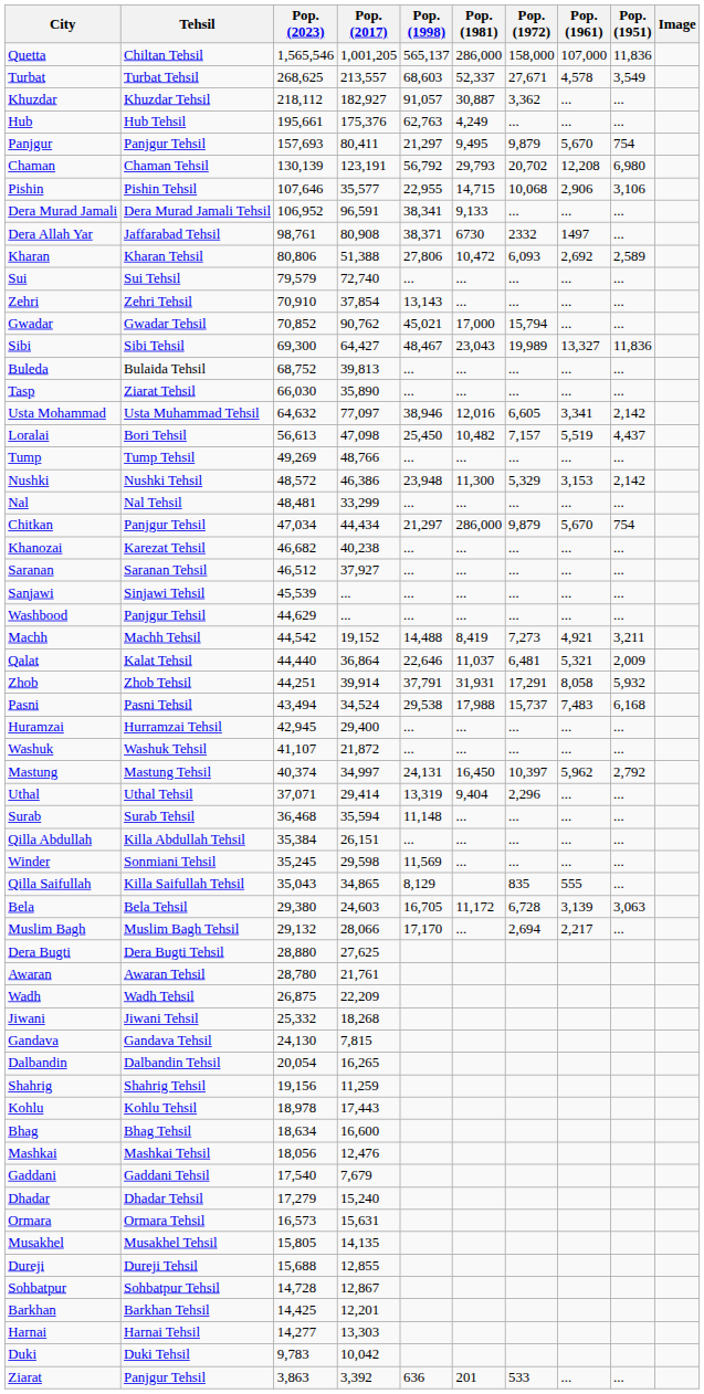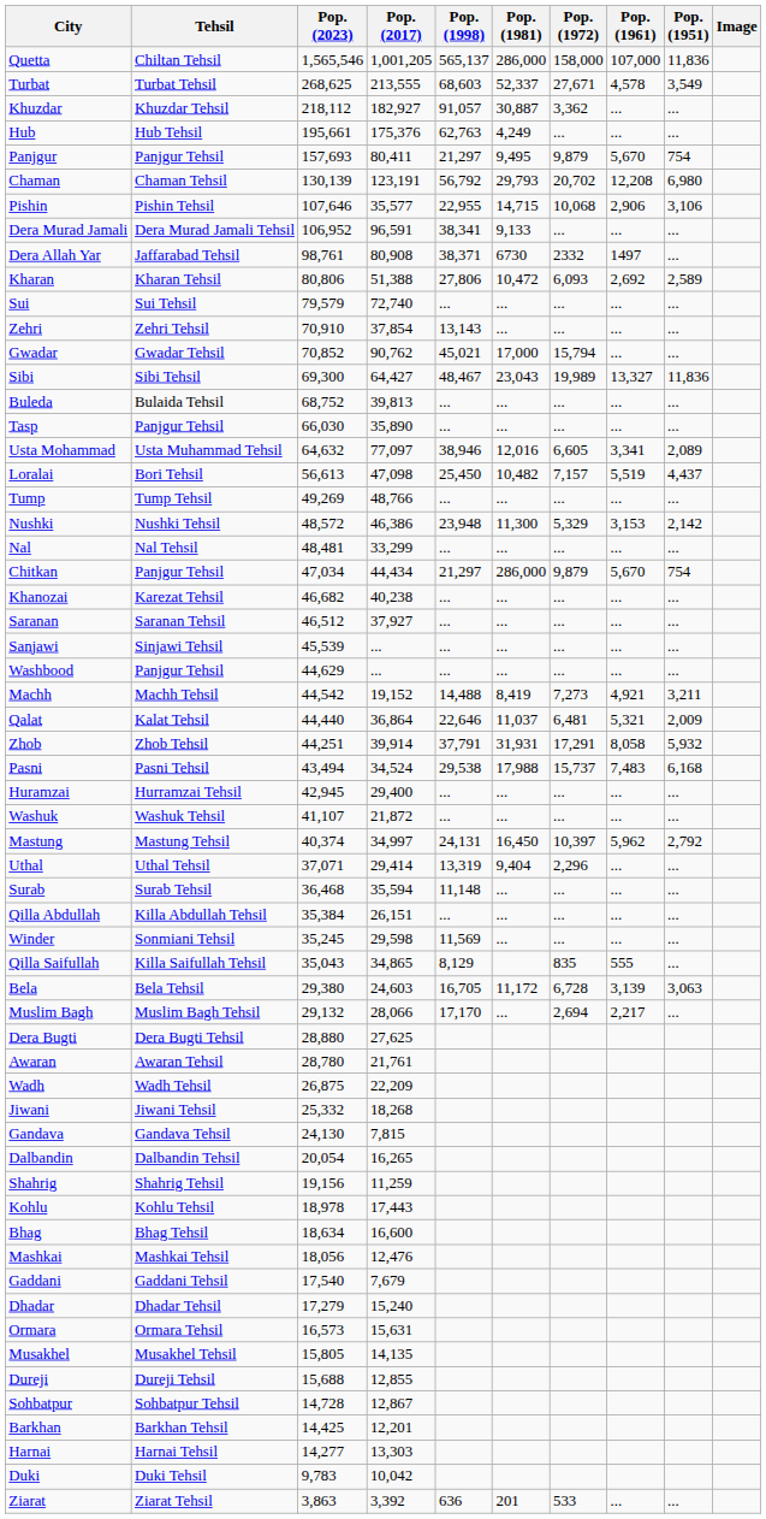 <table class="wikitable sortable col1left col2left static-row-numbers static-row-header-hash" 1em style="text-align: left">
 <tr>
 <th>City</th>
 <th>Tehsil</th>
 <th>Pop.<br><a href='#'>(2023)</a></th>
 <th>Pop.<br><a href='#'>(2017)</a> </th>
 <th>Pop.<br><a href='#'>(1998)</a></th>
 <th>Pop.<br>(1981)</th>
 <th>Pop.<br>(1972)</th>
 <th>Pop.<br>(1961)</th>
 <th>Pop.<br>(1951)</th>
 <th>Image</th>
 </tr>
 <tr>
 <td><a href='#'>Quetta</a></td>
 <td><a href='#'>Chiltan Tehsil</a></td>
 <td>1,565,546 </td>
 <td>1,001,205</td>
 <td>565,137</td>
 <td>286,000</td>
 <td>158,000</td>
 <td>107,000</td>
 <td>11,836</td>
 <td></td>
 </tr>
 <tr>
 <td><a href='#'>Turbat</a></td>
 <td><a href='#'>Turbat Tehsil</a></td>
 <td>268,625 </td>
-<td>213,557</td>
+<td>213,555</td>
 <td>68,603</td>
 <td>52,337</td>
 <td>27,671</td>
 <td>4,578</td>
 <td>3,549</td>
 <td></td>
 </tr>
 <tr>
 <td><a href='#'>Khuzdar</a></td>
 <td><a href='#'>Khuzdar Tehsil</a></td>
 <td>218,112 </td>
 <td>182,927</td>
 <td>91,057</td>
 <td>30,887</td>
 <td>3,362</td>
 <td>...</td>
 <td>...</td>
 <td></td>
 </tr>
 <tr>
 <td><a href='#'>Hub</a></td>
 <td><a href='#'>Hub Tehsil</a></td>
 <td>195,661 </td>
 <td>175,376</td>
 <td>62,763</td>
 <td>4,249</td>
 <td>...</td>
 <td>...</td>
 <td>...</td>
 <td></td>
 </tr>
 <tr>
 <td><a href='#'>Panjgur</a></td>
 <td><a href='#'>Panjgur Tehsil</a></td>
 <td>157,693 </td>
 <td>80,411</td>
 <td>21,297</td>
 <td>9,495</td>
 <td>9,879</td>
 <td>5,670</td>
 <td>754</td>
 <td></td>
 </tr>
 <tr>
 <td><a href='#'>Chaman</a></td>
 <td><a href='#'>Chaman Tehsil</a></td>
 <td>130,139 </td>
 <td>123,191</td>
 <td>56,792</td>
 <td>29,793</td>
 <td>20,702</td>
 <td>12,208</td>
 <td>6,980</td>
 <td></td>
 </tr>
 <tr>
 <td><a href='#'>Pishin</a></td>
 <td><a href='#'>Pishin Tehsil</a></td>
 <td>107,646 </td>
 <td>35,577</td>
 <td>22,955</td>
 <td>14,715</td>
 <td>10,068</td>
 <td>2,906</td>
 <td>3,106</td>
 <td></td>
 </tr>
 <tr>
 <td><a href='#'>Dera Murad Jamali</a></td>
 <td><a href='#'>Dera Murad Jamali Tehsil</a></td>
 <td>106,952 </td>
 <td>96,591</td>
 <td>38,341</td>
 <td>9,133</td>
 <td>...</td>
 <td>...</td>
 <td>...</td>
 <td></td>
 </tr>
 <tr>
 <td><a href='#'>Dera Allah Yar</a></td>
 <td><a href='#'>Jaffarabad Tehsil</a></td>
 <td>98,761 </td>
 <td>80,908</td>
 <td>38,371</td>
 <td>6730</td>
 <td>2332</td>
 <td>1497</td>
 <td>...</td>
 <td></td>
 </tr>
 <tr>
 <td><a href='#'>Kharan</a></td>
 <td><a href='#'>Kharan Tehsil</a></td>
 <td>80,806 </td>
 <td>51,388</td>
 <td>27,806</td>
 <td>10,472</td>
 <td>6,093</td>
 <td>2,692</td>
 <td>2,589</td>
 <td></td>
 </tr>
 <tr>
 <td><a href='#'>Sui</a></td>
 <td><a href='#'>Sui Tehsil</a></td>
 <td>79,579 </td>
 <td>72,740</td>
 <td>...</td>
 <td>...</td>
 <td>...</td>
 <td>...</td>
 <td>...</td>
 <td></td>
 </tr>
 <tr>
 <td><a href='#'>Zehri</a></td>
 <td><a href='#'>Zehri Tehsil</a></td>
 <td>70,910 </td>
 <td>37,854</td>
 <td>13,143</td>
 <td>...</td>
 <td>...</td>
 <td>...</td>
 <td>...</td>
 <td></td>
 </tr>
 <tr>
 <td><a href='#'>Gwadar</a></td>
 <td><a href='#'>Gwadar Tehsil</a></td>
 <td>70,852 </td>
 <td>90,762</td>
 <td>45,021</td>
 <td>17,000</td>
 <td>15,794</td>
 <td>...</td>
 <td>...</td>
 <td></td>
 </tr>
 <tr>
 <td><a href='#'>Sibi</a></td>
 <td><a href='#'>Sibi Tehsil</a></td>
 <td>69,300 </td>
 <td>64,427</td>
 <td>48,467</td>
 <td>23,043</td>
 <td>19,989</td>
 <td>13,327</td>
 <td>11,836</td>
 <td></td>
 </tr>
 <tr>
 <td><a href='#'>Buleda</a></td>
 <td>Bulaida Tehsil</td>
 <td>68,752 </td>
 <td>39,813</td>
 <td>...</td>
 <td>...</td>
 <td>...</td>
 <td>...</td>
 <td>...</td>
 <td></td>
 </tr>
 <tr>
 <td><a href='#'>Tasp</a></td>
-<td><a href='#'>Ziarat Tehsil</a></td>
+<td><a href='#'>Panjgur Tehsil</a></td>
 <td>66,030 </td>
 <td>35,890</td>
 <td>...</td>
 <td>...</td>
 <td>...</td>
 <td>...</td>
 <td>...</td>
 <td></td>
 </tr>
 <tr>
 <td><a href='#'>Usta Mohammad</a></td>
 <td><a href='#'>Usta Muhammad Tehsil</a></td>
 <td>64,632 </td>
 <td>77,097</td>
 <td>38,946</td>
 <td>12,016</td>
 <td>6,605</td>
 <td>3,341</td>
-<td>2,142</td>
+<td>2,089</td>
 <td></td>
 </tr>
 <tr>
 <td><a href='#'>Loralai</a></td>
 <td><a href='#'>Bori Tehsil</a></td>
 <td>56,613 </td>
 <td>47,098</td>
 <td>25,450</td>
 <td>10,482</td>
 <td>7,157</td>
 <td>5,519</td>
 <td>4,437</td>
 <td></td>
 </tr>
 <tr>
 <td><a href='#'>Tump</a></td>
 <td><a href='#'>Tump Tehsil</a></td>
 <td>49,269 </td>
 <td>48,766</td>
 <td>...</td>
 <td>...</td>
 <td>...</td>
 <td>...</td>
 <td>...</td>
 <td></td>
 </tr>
 <tr>
 <td><a href='#'>Nushki</a></td>
 <td><a href='#'>Nushki Tehsil</a></td>
 <td>48,572 </td>
 <td>46,386</td>
 <td>23,948</td>
 <td>11,300</td>
 <td>5,329</td>
 <td>3,153</td>
 <td>2,142</td>
 <td></td>
 </tr>
 <tr>
 <td><a href='#'>Nal</a></td>
 <td><a href='#'>Nal Tehsil</a></td>
 <td>48,481 </td>
 <td>33,299</td>
 <td>...</td>
 <td>...</td>
 <td>...</td>
 <td>...</td>
 <td>...</td>
 <td></td>
 </tr>
 <tr>
 <td><a href='#'>Chitkan</a></td>
 <td><a href='#'>Panjgur Tehsil</a></td>
 <td>47,034 </td>
 <td>44,434</td>
 <td>21,297</td>
 <td>286,000</td>
 <td>9,879</td>
 <td>5,670</td>
 <td>754</td>
 <td></td>
 </tr>
 <tr>
 <td><a href='#'>Khanozai</a></td>
 <td><a href='#'>Karezat Tehsil</a></td>
 <td>46,682 </td>
 <td>40,238</td>
 <td>...</td>
 <td>...</td>
 <td>...</td>
 <td>...</td>
 <td>...</td>
 <td></td>
 </tr>
 <tr>
 <td><a href='#'>Saranan</a></td>
 <td><a href='#'>Saranan Tehsil</a></td>
 <td>46,512 </td>
 <td>37,927</td>
 <td>...</td>
 <td>...</td>
 <td>...</td>
 <td>...</td>
 <td>...</td>
 <td></td>
 </tr>
 <tr>
 <td><a href='#'>Sanjawi</a></td>
 <td><a href='#'>Sinjawi Tehsil</a></td>
 <td>45,539</td>
 <td>...</td>
 <td>...</td>
 <td>...</td>
 <td>...</td>
 <td>...</td>
 <td>...</td>
 <td></td>
 </tr>
 <tr>
 <td><a href='#'>Washbood</a></td>
 <td><a href='#'>Panjgur Tehsil</a></td>
 <td>44,629</td>
 <td>...</td>
 <td>...</td>
 <td>...</td>
 <td>...</td>
 <td>...</td>
 <td>...</td>
 <td></td>
 </tr>
 <tr>
 <td><a href='#'>Machh</a></td>
 <td><a href='#'>Machh Tehsil</a></td>
 <td>44,542 </td>
 <td>19,152</td>
 <td>14,488</td>
 <td>8,419</td>
 <td>7,273</td>
 <td>4,921</td>
 <td>3,211</td>
 <td></td>
 </tr>
 <tr>
 <td><a href='#'>Qalat</a></td>
 <td><a href='#'>Kalat Tehsil</a></td>
 <td>44,440 </td>
 <td>36,864</td>
 <td>22,646</td>
 <td>11,037</td>
 <td>6,481</td>
 <td>5,321</td>
 <td>2,009</td>
 <td></td>
 </tr>
 <tr>
 <td><a href='#'>Zhob</a></td>
 <td><a href='#'>Zhob Tehsil</a></td>
 <td>44,251 </td>
 <td>39,914</td>
 <td>37,791</td>
 <td>31,931</td>
 <td>17,291</td>
 <td>8,058</td>
 <td>5,932</td>
 <td></td>
 </tr>
 <tr>
 <td><a href='#'>Pasni</a></td>
 <td><a href='#'>Pasni Tehsil</a></td>
 <td>43,494 </td>
 <td>34,524</td>
 <td>29,538</td>
 <td>17,988</td>
 <td>15,737</td>
 <td>7,483</td>
 <td>6,168</td>
 <td></td>
 </tr>
 <tr>
 <td><a href='#'>Huramzai</a></td>
 <td><a href='#'>Hurramzai Tehsil</a></td>
 <td>42,945 </td>
 <td>29,400</td>
 <td>...</td>
 <td>...</td>
 <td>...</td>
 <td>...</td>
 <td>...</td>
 <td></td>
 </tr>
 <tr>
 <td><a href='#'>Washuk</a></td>
 <td><a href='#'>Washuk Tehsil</a></td>
 <td>41,107 </td>
 <td>21,872</td>
 <td>...</td>
 <td>...</td>
 <td>...</td>
 <td>...</td>
 <td>...</td>
 <td></td>
 </tr>
 <tr>
 <td><a href='#'>Mastung</a></td>
 <td><a href='#'>Mastung Tehsil</a></td>
 <td>40,374 </td>
 <td>34,997</td>
 <td>24,131</td>
 <td>16,450</td>
 <td>10,397</td>
 <td>5,962</td>
 <td>2,792</td>
 <td></td>
 </tr>
 <tr>
 <td><a href='#'>Uthal</a></td>
 <td><a href='#'>Uthal Tehsil</a></td>
 <td>37,071 </td>
 <td>29,414</td>
 <td>13,319</td>
 <td>9,404</td>
 <td>2,296</td>
 <td>...</td>
 <td>...</td>
 <td></td>
 </tr>
 <tr>
 <td><a href='#'>Surab</a></td>
 <td><a href='#'>Surab Tehsil</a></td>
 <td>36,468 </td>
 <td>35,594</td>
 <td>11,148</td>
 <td>...</td>
 <td>...</td>
 <td>...</td>
 <td>...</td>
 <td></td>
 </tr>
 <tr>
 <td><a href='#'>Qilla Abdullah</a></td>
 <td><a href='#'>Killa Abdullah Tehsil</a></td>
 <td>35,384 </td>
 <td>26,151</td>
 <td>...</td>
 <td>...</td>
 <td>...</td>
 <td>...</td>
 <td>...</td>
 <td></td>
 </tr>
 <tr>
 <td><a href='#'>Winder</a></td>
 <td><a href='#'>Sonmiani Tehsil</a></td>
 <td>35,245 </td>
 <td>29,598</td>
 <td>11,569</td>
 <td>...</td>
 <td>...</td>
 <td>...</td>
 <td>...</td>
 <td></td>
 </tr>
 <tr>
 <td><a href='#'>Qilla Saifullah</a></td>
 <td><a href='#'>Killa Saifullah Tehsil</a></td>
 <td>35,043 </td>
 <td>34,865</td>
 <td>8,129</td>
 <td></td>
 <td>835</td>
 <td>555</td>
 <td>...</td>
 <td></td>
 </tr>
 <tr>
 <td><a href='#'>Bela</a></td>
 <td><a href='#'>Bela Tehsil</a></td>
 <td>29,380 </td>
 <td>24,603</td>
 <td>16,705</td>
 <td>11,172</td>
 <td>6,728</td>
 <td>3,139</td>
 <td>3,063</td>
 <td></td>
 </tr>
 <tr>
 <td><a href='#'>Muslim Bagh</a></td>
 <td><a href='#'>Muslim Bagh Tehsil</a></td>
 <td>29,132 </td>
 <td>28,066</td>
 <td>17,170</td>
 <td>...</td>
 <td>2,694</td>
 <td>2,217</td>
 <td>...</td>
 <td></td>
 </tr>
 <tr>
 <td><a href='#'>Dera Bugti</a></td>
 <td><a href='#'>Dera Bugti Tehsil</a></td>
 <td>28,880</td>
 <td>27,625</td>
 <td></td>
 <td></td>
 <td></td>
 <td></td>
 <td></td>
 <td></td>
 </tr>
 <tr>
 <td><a href='#'>Awaran</a></td>
 <td><a href='#'>Awaran Tehsil</a></td>
 <td>28,780</td>
 <td>21,761</td>
 <td></td>
 <td></td>
 <td></td>
 <td></td>
 <td></td>
 <td></td>
 </tr>
 <tr>
 <td><a href='#'>Wadh</a></td>
 <td><a href='#'>Wadh Tehsil</a></td>
 <td>26,875</td>
 <td>22,209</td>
 <td></td>
 <td></td>
 <td></td>
 <td></td>
 <td></td>
 <td></td>
 </tr>
 <tr>
 <td><a href='#'>Jiwani</a></td>
 <td><a href='#'>Jiwani Tehsil</a></td>
 <td>25,332</td>
 <td>18,268</td>
 <td></td>
 <td></td>
 <td></td>
 <td></td>
 <td></td>
 <td></td>
 </tr>
 <tr>
 <td><a href='#'>Gandava</a></td>
 <td><a href='#'>Gandava Tehsil</a></td>
 <td>24,130</td>
 <td>7,815</td>
 <td></td>
 <td></td>
 <td></td>
 <td></td>
 <td></td>
 <td></td>
 </tr>
 <tr>
 <td><a href='#'>Dalbandin</a></td>
 <td><a href='#'>Dalbandin Tehsil</a></td>
 <td>20,054</td>
 <td>16,265</td>
 <td></td>
 <td></td>
 <td></td>
 <td></td>
 <td></td>
 <td></td>
 </tr>
 <tr>
 <td><a href='#'>Shahrig</a></td>
 <td><a href='#'>Shahrig Tehsil</a></td>
 <td>19,156</td>
 <td>11,259</td>
 <td></td>
 <td></td>
 <td></td>
 <td></td>
 <td></td>
 <td></td>
 </tr>
 <tr>
 <td><a href='#'>Kohlu</a></td>
 <td><a href='#'>Kohlu Tehsil</a></td>
 <td>18,978</td>
 <td>17,443</td>
 <td></td>
 <td></td>
 <td></td>
 <td></td>
 <td></td>
 <td></td>
 </tr>
 <tr>
 <td><a href='#'>Bhag</a></td>
 <td><a href='#'>Bhag Tehsil</a></td>
 <td>18,634</td>
 <td>16,600</td>
 <td></td>
 <td></td>
 <td></td>
 <td></td>
 <td></td>
 <td></td>
 </tr>
 <tr>
 <td><a href='#'>Mashkai</a></td>
 <td><a href='#'>Mashkai Tehsil</a></td>
 <td>18,056</td>
 <td>12,476</td>
 <td></td>
 <td></td>
 <td></td>
 <td></td>
 <td></td>
 <td></td>
 </tr>
 <tr>
 <td><a href='#'>Gaddani</a></td>
 <td><a href='#'>Gaddani Tehsil</a></td>
 <td>17,540</td>
 <td>7,679</td>
 <td></td>
 <td></td>
 <td></td>
 <td></td>
 <td></td>
 <td></td>
 </tr>
 <tr>
 <td><a href='#'>Dhadar</a></td>
 <td><a href='#'>Dhadar Tehsil</a></td>
 <td>17,279</td>
 <td>15,240</td>
 <td></td>
 <td></td>
 <td></td>
 <td></td>
 <td></td>
 <td></td>
 </tr>
 <tr>
 <td><a href='#'>Ormara</a></td>
 <td><a href='#'>Ormara Tehsil</a></td>
 <td>16,573</td>
 <td>15,631</td>
 <td></td>
 <td></td>
 <td></td>
 <td></td>
 <td></td>
 <td></td>
 </tr>
 <tr>
 <td><a href='#'>Musakhel</a></td>
 <td><a href='#'>Musakhel Tehsil</a></td>
 <td>15,805</td>
 <td>14,135</td>
 <td></td>
 <td></td>
 <td></td>
 <td></td>
 <td></td>
 <td></td>
 </tr>
 <tr>
 <td><a href='#'>Dureji</a></td>
 <td><a href='#'>Dureji Tehsil</a></td>
 <td>15,688</td>
 <td>12,855</td>
 <td></td>
 <td></td>
 <td></td>
 <td></td>
 <td></td>
 <td></td>
 </tr>
 <tr>
 <td><a href='#'>Sohbatpur</a></td>
 <td><a href='#'>Sohbatpur Tehsil</a></td>
 <td>14,728</td>
 <td>12,867</td>
 <td></td>
 <td></td>
 <td></td>
 <td></td>
 <td></td>
 <td></td>
 </tr>
 <tr>
 <td><a href='#'>Barkhan</a></td>
 <td><a href='#'>Barkhan Tehsil</a></td>
 <td>14,425</td>
 <td>12,201</td>
 <td></td>
 <td></td>
 <td></td>
 <td></td>
 <td></td>
 <td></td>
 </tr>
 <tr>
 <td><a href='#'>Harnai</a></td>
 <td><a href='#'>Harnai Tehsil</a></td>
 <td>14,277</td>
 <td>13,303</td>
 <td></td>
 <td></td>
 <td></td>
 <td></td>
 <td></td>
 <td></td>
 </tr>
 <tr>
 <td><a href='#'>Duki</a></td>
 <td><a href='#'>Duki Tehsil</a></td>
 <td>9,783</td>
 <td>10,042</td>
 <td></td>
 <td></td>
 <td></td>
 <td></td>
 <td></td>
 <td></td>
 </tr>
 <tr>
 <td><a href='#'>Ziarat</a></td>
-<td><a href='#'>Panjgur Tehsil</a></td>
+<td><a href='#'>Ziarat Tehsil</a></td>
 <td>3,863</td>
 <td>3,392</td>
 <td>636</td>
 <td>201</td>
 <td>533</td>
 <td>...</td>
 <td>...</td>
 <td></td>
 </tr>
 </table>
